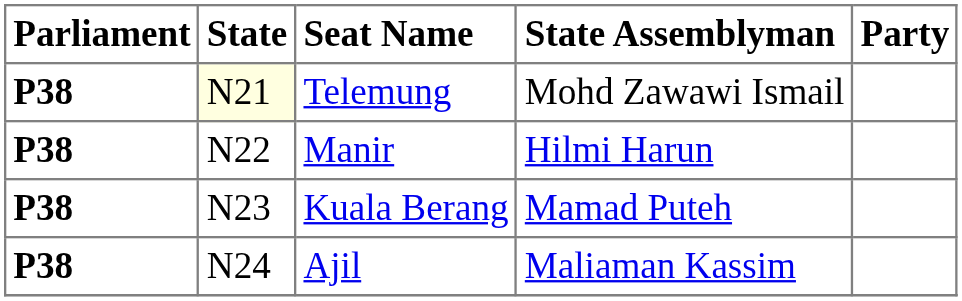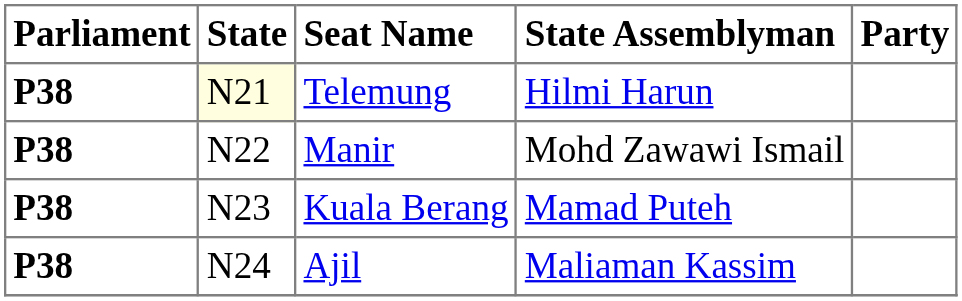 <table class="toccolours sortable" border="1" cellpadding="3" style="border-collapse:collapse; text-align: left;">
 <tr>
 <th align="center">Parliament</th>
 <th>State</th>
 <th>Seat Name</th>
 <th>State Assemblyman</th>
 <th>Party</th>
 </tr>
 <tr>
 <th align="left">P38</th>
 <td style="background: lightyellow;">N21</td>
 <td><a href='#'>Telemung</a></td>
-<td>Mohd Zawawi Ismail</td>
+<td><a href='#'>Hilmi Harun</a></td>
 <td></td>
 </tr>
 <tr>
 <th align="left">P38</th>
 <td>N22</td>
 <td><a href='#'>Manir</a></td>
-<td><a href='#'>Hilmi Harun</a></td>
+<td>Mohd Zawawi Ismail</td>
 <td></td>
 </tr>
 <tr>
 <th align="left">P38</th>
 <td>N23</td>
 <td><a href='#'>Kuala Berang</a></td>
 <td><a href='#'>Mamad Puteh</a></td>
 <td></td>
 </tr>
 <tr>
 <th align="left">P38</th>
 <td>N24</td>
 <td><a href='#'>Ajil</a></td>
 <td><a href='#'>Maliaman Kassim</a></td>
 <td></td>
 </tr>
 <tr>
 </tr>
 </table>
